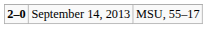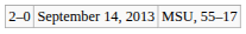 <table class="wikitable">
 <tr align="center">
 </tr>
 <tr align="center">
-<td><strong>2–0</strong></td>
+<td>2–0</td>
 <td>September 14, 2013</td>
 <td>MSU, 55–17</td>
 </tr>
 </table>
